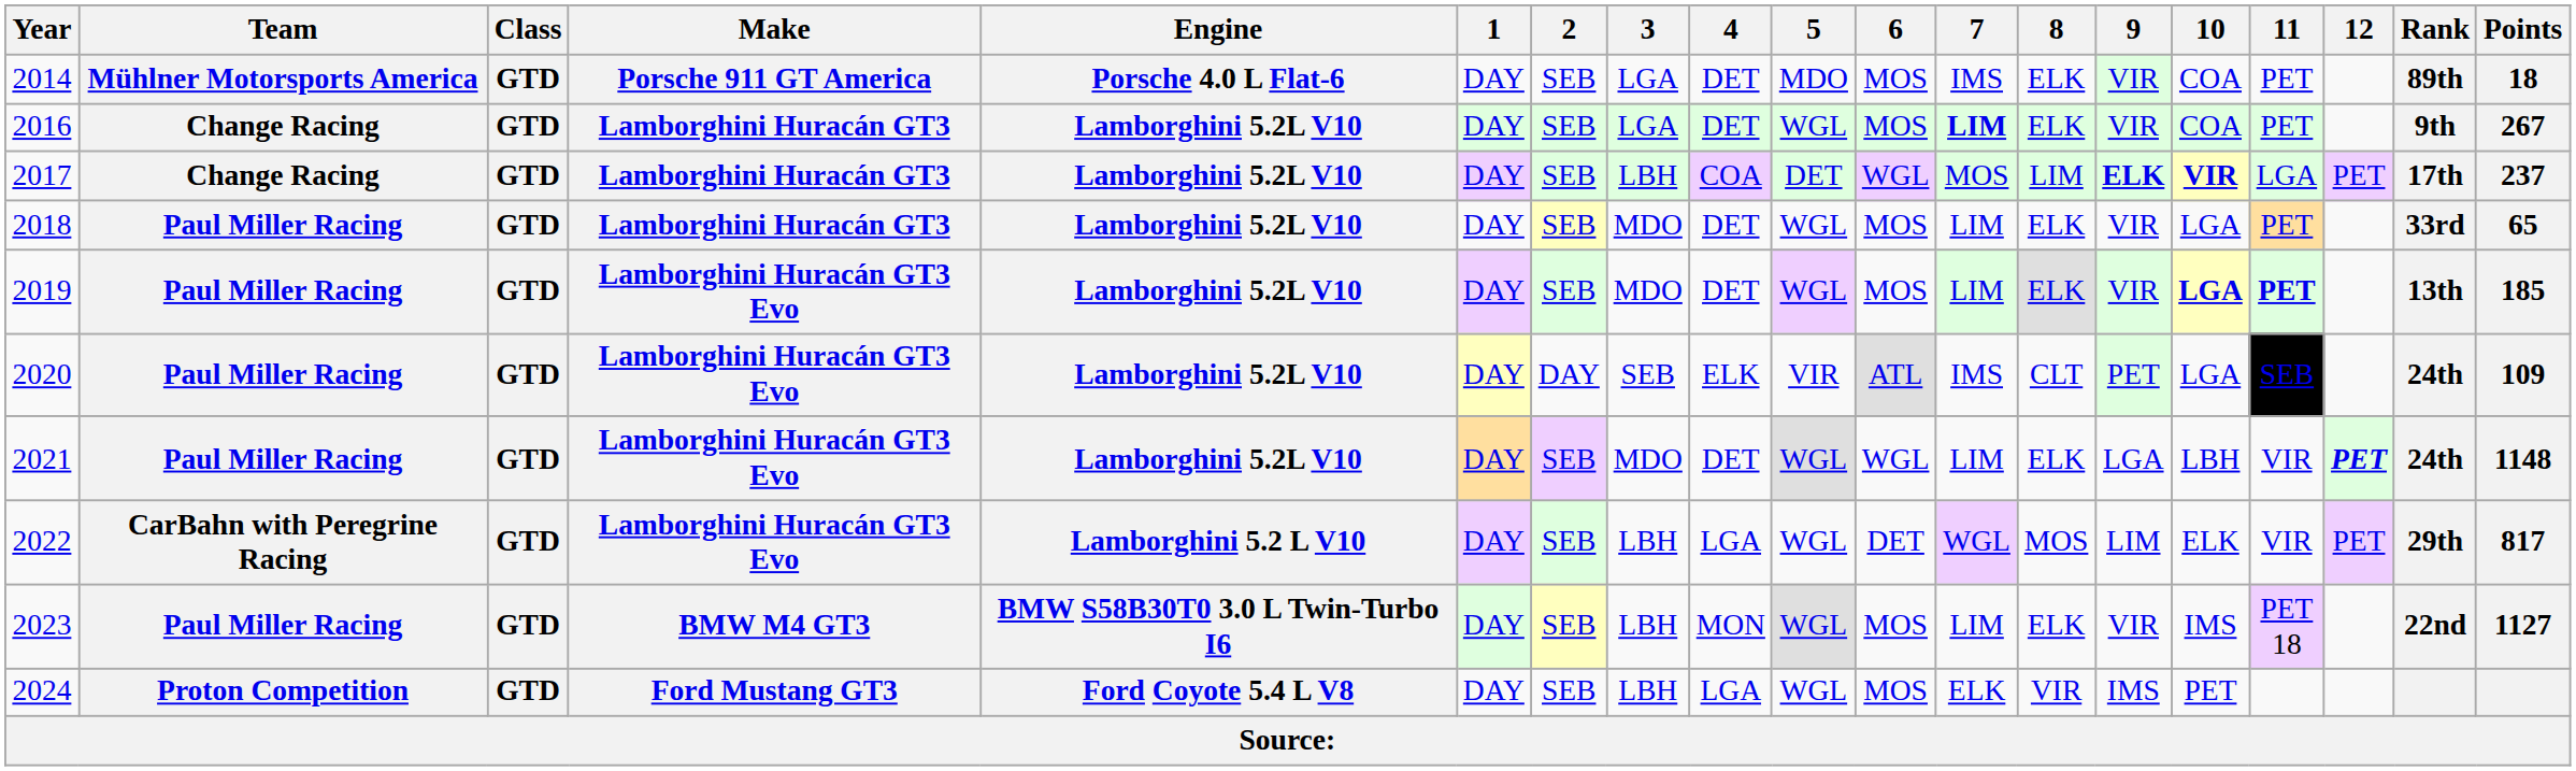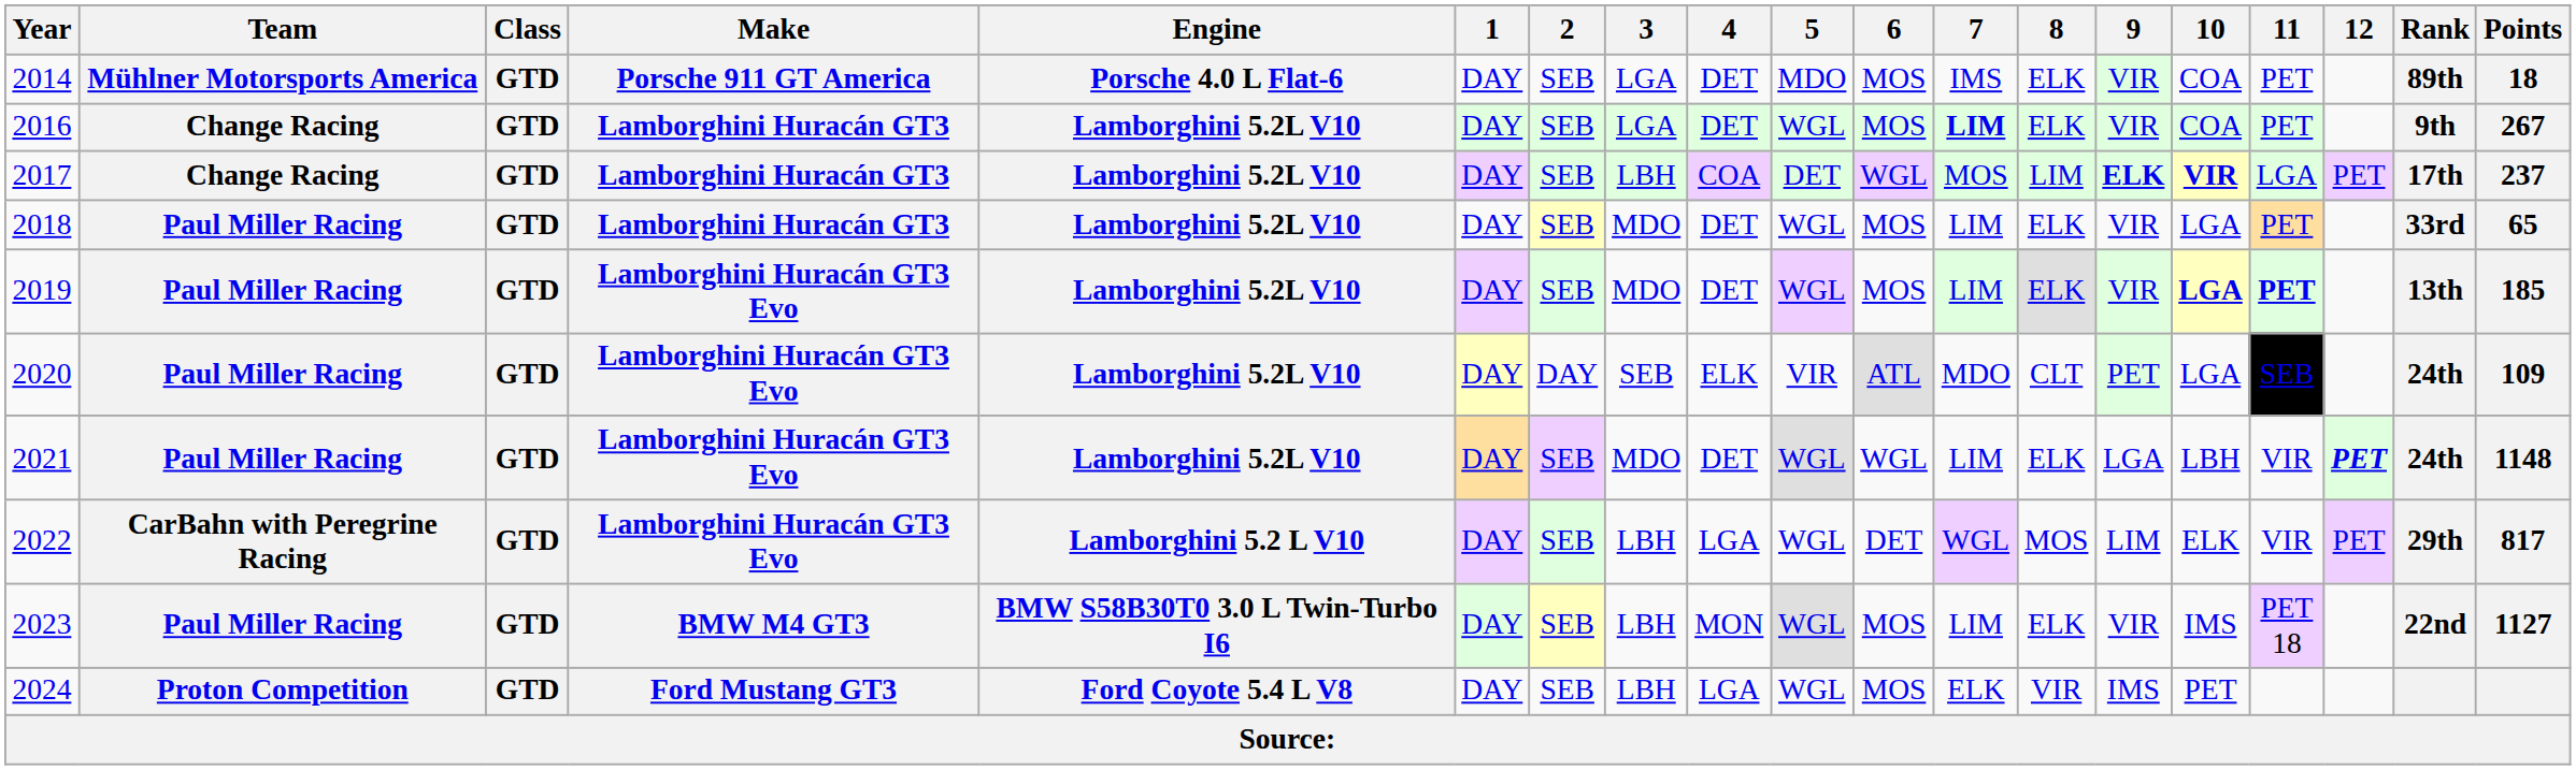 <table class="wikitable" style="text-align:center; font-size:90%">
 <tr>
 <th>Year</th>
 <th>Team</th>
 <th>Class</th>
 <th>Make</th>
 <th>Engine</th>
 <th>1</th>
 <th>2</th>
 <th>3</th>
 <th>4</th>
 <th>5</th>
 <th>6</th>
 <th>7</th>
 <th>8</th>
 <th>9</th>
 <th>10</th>
 <th>11</th>
 <th>12</th>
 <th>Rank</th>
 <th>Points</th>
 </tr>
 <tr>
 <td><a href='#'>2014</a></td>
 <th><a href='#'>Mühlner Motorsports America</a></th>
 <th>GTD</th>
 <th><a href='#'>Porsche 911 GT America</a></th>
 <th><a href='#'>Porsche</a> 4.0 L <a href='#'>Flat-6</a></th>
 <td><a href='#'>DAY</a></td>
 <td><a href='#'>SEB</a></td>
 <td><a href='#'>LGA</a></td>
 <td><a href='#'>DET</a></td>
 <td><a href='#'>MDO</a></td>
 <td><a href='#'>MOS</a></td>
 <td><a href='#'>IMS</a></td>
 <td><a href='#'>ELK</a></td>
 <td style="background:#DFFFDF;"><a href='#'>VIR</a><br></td>
 <td><a href='#'>COA</a></td>
 <td><a href='#'>PET</a></td>
 <td></td>
 <th>89th</th>
 <th>18</th>
 </tr>
 <tr>
 <td><a href='#'>2016</a></td>
 <th>Change Racing</th>
 <th>GTD</th>
 <th><a href='#'>Lamborghini Huracán GT3</a></th>
 <th><a href='#'>Lamborghini</a> 5.2L <a href='#'>V10</a></th>
 <td style="background:#DFFFDF;"><a href='#'>DAY</a><br></td>
 <td style="background:#DFFFDF;"><a href='#'>SEB</a><br></td>
 <td style="background:#DFFFDF;"><a href='#'>LGA</a><br></td>
 <td style="background:#DFFFDF;"><a href='#'>DET</a><br></td>
 <td style="background:#DFFFDF;"><a href='#'>WGL</a><br></td>
 <td style="background:#DFFFDF;"><a href='#'>MOS</a><br></td>
 <td style="background:#DFFFDF;"><strong><a href='#'>LIM</a></strong><br></td>
 <td style="background:#DFFFDF;"><a href='#'>ELK</a><br></td>
 <td style="background:#DFFFDF;"><a href='#'>VIR</a><br></td>
 <td style="background:#DFFFDF;"><a href='#'>COA</a><br></td>
 <td style="background:#DFFFDF;"><a href='#'>PET</a><br></td>
 <td></td>
 <th>9th</th>
 <th>267</th>
 </tr>
 <tr>
 <td><a href='#'>2017</a></td>
 <th>Change Racing</th>
 <th>GTD</th>
 <th><a href='#'>Lamborghini Huracán GT3</a></th>
 <th><a href='#'>Lamborghini</a> 5.2L <a href='#'>V10</a></th>
 <td style="background:#EFCFFF;"><a href='#'>DAY</a><br></td>
 <td style="background:#DFFFDF;"><a href='#'>SEB</a><br></td>
 <td style="background:#DFFFDF;"><a href='#'>LBH</a><br></td>
 <td style="background:#EFCFFF;"><a href='#'>COA</a><br></td>
 <td style="background:#DFFFDF;"><a href='#'>DET</a><br></td>
 <td style="background:#EFCFFF;"><a href='#'>WGL</a><br></td>
 <td style="background:#DFFFDF;"><a href='#'>MOS</a><br></td>
 <td style="background:#DFFFDF;"><a href='#'>LIM</a><br></td>
 <td style="background:#DFFFDF;"><strong><a href='#'>ELK</a></strong><br></td>
 <td style="background:#FFFFBF;"><strong><a href='#'>VIR</a></strong><br></td>
 <td style="background:#DFFFDF;"><a href='#'>LGA</a><br></td>
 <td style="background:#EFCFFF;"><a href='#'>PET</a><br></td>
 <th>17th</th>
 <th>237</th>
 </tr>
 <tr>
 <td><a href='#'>2018</a></td>
 <th><a href='#'>Paul Miller Racing</a></th>
 <th>GTD</th>
 <th><a href='#'>Lamborghini Huracán GT3</a></th>
 <th><a href='#'>Lamborghini</a> 5.2L <a href='#'>V10</a></th>
 <td><a href='#'>DAY</a></td>
 <td style="background:#FFFFBF;"><a href='#'>SEB</a><br></td>
 <td><a href='#'>MDO</a></td>
 <td><a href='#'>DET</a></td>
 <td><a href='#'>WGL</a></td>
 <td><a href='#'>MOS</a></td>
 <td><a href='#'>LIM</a></td>
 <td><a href='#'>ELK</a></td>
 <td><a href='#'>VIR</a></td>
 <td><a href='#'>LGA</a></td>
 <td style="background:#FFDF9F;"><a href='#'>PET</a><br></td>
 <td></td>
 <th>33rd</th>
 <th>65</th>
 </tr>
 <tr>
 <td><a href='#'>2019</a></td>
 <th><a href='#'>Paul Miller Racing</a></th>
 <th>GTD</th>
 <th><a href='#'>Lamborghini Huracán GT3 Evo</a></th>
 <th><a href='#'>Lamborghini</a> 5.2L <a href='#'>V10</a></th>
 <td style="background:#EFCFFF;"><a href='#'>DAY</a><br></td>
 <td style="background:#DFFFDF;"><a href='#'>SEB</a><br></td>
 <td><a href='#'>MDO</a></td>
 <td><a href='#'>DET</a></td>
 <td style="background:#EFCFFF;"><a href='#'>WGL</a><br></td>
 <td><a href='#'>MOS</a></td>
 <td style="background:#DFFFDF;"><a href='#'>LIM</a><br></td>
 <td style="background:#DFDFDF;"><a href='#'>ELK</a><br></td>
 <td style="background:#DFFFDF;"><a href='#'>VIR</a><br></td>
 <td style="background:#FFFFBF;"><strong><a href='#'>LGA</a></strong><br></td>
 <td style="background:#DFFFDF;"><strong><a href='#'>PET</a></strong><br></td>
 <td></td>
 <th>13th</th>
 <th>185</th>
 </tr>
 <tr>
 <td><a href='#'>2020</a></td>
 <th><a href='#'>Paul Miller Racing</a></th>
 <th>GTD</th>
 <th><a href='#'>Lamborghini Huracán GT3 Evo</a></th>
 <th><a href='#'>Lamborghini</a> 5.2L <a href='#'>V10</a></th>
 <td style="background:#FFFFBF;"><a href='#'>DAY</a><br></td>
 <td><a href='#'>DAY</a></td>
 <td><a href='#'>SEB</a></td>
 <td><a href='#'>ELK</a></td>
 <td><a href='#'>VIR</a></td>
 <td style="background:#DFDFDF;"><a href='#'>ATL</a><br></td>
-<td><a href='#'>IMS</a></td>
+<td><a href='#'>MDO</a></td>
 <td><a href='#'>CLT</a></td>
 <td style="background:#DFFFDF;"><a href='#'>PET</a><br></td>
 <td><a href='#'>LGA</a></td>
 <td style="background:#000000;color:white"><span><a href='#'>SEB</a></span><br></td>
 <td></td>
 <th>24th</th>
 <th>109</th>
 </tr>
 <tr>
 <td><a href='#'>2021</a></td>
 <th><a href='#'>Paul Miller Racing</a></th>
 <th>GTD</th>
 <th><a href='#'>Lamborghini Huracán GT3 Evo</a></th>
 <th><a href='#'>Lamborghini</a> 5.2L <a href='#'>V10</a></th>
 <td style="background:#FFDF9F;"><a href='#'>DAY</a><br></td>
 <td style="background:#EFCFFF;"><a href='#'>SEB</a><br></td>
 <td><a href='#'>MDO</a></td>
 <td><a href='#'>DET</a></td>
 <td style="background:#DFDFDF;"><a href='#'>WGL</a><br></td>
 <td><a href='#'>WGL</a></td>
 <td><a href='#'>LIM</a></td>
 <td><a href='#'>ELK</a></td>
 <td><a href='#'>LGA</a></td>
 <td><a href='#'>LBH</a></td>
 <td><a href='#'>VIR</a></td>
 <td style="background:#DFFFDF;"><strong><em><a href='#'>PET</a></em></strong><br></td>
 <th>24th</th>
 <th>1148</th>
 </tr>
 <tr>
 <td><a href='#'>2022</a></td>
 <th>CarBahn with Peregrine Racing</th>
 <th>GTD</th>
 <th><a href='#'>Lamborghini Huracán GT3 Evo</a></th>
 <th><a href='#'>Lamborghini</a> 5.2 L <a href='#'>V10</a></th>
 <td style="background:#EFCFFF;"><a href='#'>DAY</a><br></td>
 <td style="background:#DFFFDF;"><a href='#'>SEB</a><br></td>
 <td><a href='#'>LBH</a></td>
 <td><a href='#'>LGA</a></td>
 <td><a href='#'>WGL</a></td>
 <td><a href='#'>DET</a></td>
 <td style="background:#EFCFFF;"><a href='#'>WGL</a><br></td>
 <td style="background:"><a href='#'>MOS</a><br></td>
 <td style="background:"><a href='#'>LIM</a><br></td>
 <td style="background:"><a href='#'>ELK</a><br></td>
 <td style="background:"><a href='#'>VIR</a><br></td>
 <td style="background:#EFCFFF;"><a href='#'>PET</a><br></td>
 <th>29th</th>
 <th>817</th>
 </tr>
 <tr>
 <td><a href='#'>2023</a></td>
 <th><a href='#'>Paul Miller Racing</a></th>
 <th>GTD</th>
 <th><a href='#'>BMW M4 GT3</a></th>
 <th><a href='#'>BMW</a> <a href='#'>S58B30T0</a> 3.0 L Twin-Turbo <a href='#'>I6</a></th>
 <td style="background:#DFFFDF;"><a href='#'>DAY</a><br></td>
 <td style="background:#FFFFBF;"><a href='#'>SEB</a><br></td>
 <td style="background:#;"><a href='#'>LBH</a><br></td>
 <td style="background:#;"><a href='#'>MON</a><br></td>
 <td style="background:#DFDFDF;”"><a href='#'>WGL</a><br></td>
 <td style="background:#;"><a href='#'>MOS</a><br></td>
 <td style="background:#;"><a href='#'>LIM</a><br></td>
 <td style="background:#;"><a href='#'>ELK</a><br></td>
 <td style="background:#;"><a href='#'>VIR</a><br></td>
 <td style="background:#;"><a href='#'>IMS</a></td>
 <td style="background:#EFCFFF;"><a href='#'>PET</a><br>18</td>
 <td></td>
 <th>22nd</th>
 <th>1127</th>
 </tr>
 <tr>
 <td><a href='#'>2024</a></td>
 <th><a href='#'>Proton Competition</a></th>
 <th>GTD</th>
 <th><a href='#'>Ford Mustang GT3</a></th>
 <th><a href='#'>Ford</a> <a href='#'>Coyote</a> 5.4 L <a href='#'>V8</a></th>
 <td><a href='#'>DAY</a></td>
 <td><a href='#'>SEB</a></td>
 <td><a href='#'>LBH</a></td>
 <td><a href='#'>LGA</a></td>
 <td><a href='#'>WGL</a></td>
 <td><a href='#'>MOS</a></td>
 <td><a href='#'>ELK</a></td>
 <td><a href='#'>VIR</a></td>
 <td><a href='#'>IMS</a></td>
 <td><a href='#'>PET</a></td>
 <td></td>
 <td></td>
 <th></th>
 <th></th>
 </tr>
 <tr>
 <th colspan="19">Source:</th>
 </tr>
 </table>
